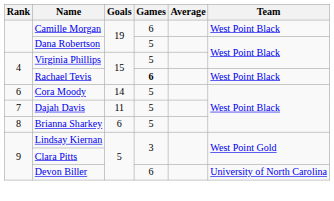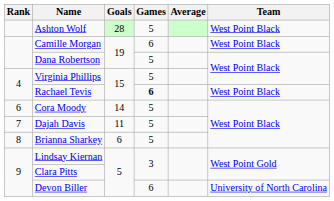 <table class="wikitable sortable"  style="text-align:center">
 <tr>
 <th>Rank</th>
 <th>Name</th>
 <th>Goals</th>
 <th>Games</th>
 <th>Average</th>
 <th>Team</th>
+</tr>
+<tr>
+<td></td>
+<td align="left"><a href='#'>Ashton Wolf</a></td>
+<td bgcolor="#ccffcc">28</td>
+<td>5</td>
+<td bgcolor=#ccffcc></td>
+<td align="left"><a href='#'>West Point Black</a></td>
 </tr>
 <tr>
 <td rowspan="2"></td>
 <td align="left"><a href='#'>Camille Morgan</a></td>
 <td rowspan="2">19</td>
 <td>6</td>
 <td></td>
 <td align="left"><a href='#'>West Point Black</a></td>
 </tr>
 <tr>
 <td align="left"><a href='#'>Dana Robertson</a></td>
 <td>5</td>
 <td></td>
 <td align="left" rowspan="2"><a href='#'>West Point Black</a></td>
 </tr>
 <tr>
 <td rowspan="2">4</td>
 <td align="left"><a href='#'>Virginia Phillips</a></td>
 <td rowspan="2">15</td>
 <td>5</td>
 <td></td>
 </tr>
 <tr>
 <td align="left"><a href='#'>Rachael Tevis</a></td>
 <td><strong>6</strong></td>
 <td></td>
 <td align="left"><a href='#'>West Point Black</a></td>
 </tr>
 <tr>
 <td>6</td>
 <td align="left"><a href='#'>Cora Moody</a></td>
 <td>14</td>
 <td>5</td>
 <td></td>
 <td align="left" rowspan="3"><a href='#'>West Point Black</a></td>
 </tr>
 <tr>
 <td>7</td>
 <td align="left"><a href='#'>Dajah Davis</a></td>
 <td>11</td>
 <td>5</td>
 <td></td>
 </tr>
 <tr>
 <td>8</td>
 <td align="left"><a href='#'>Brianna Sharkey</a></td>
 <td>6</td>
 <td>5</td>
 <td></td>
 </tr>
 <tr>
 <td rowspan="3">9</td>
 <td align="left"><a href='#'>Lindsay Kiernan</a></td>
 <td rowspan="3">5</td>
 <td rowspan="2">3</td>
 <td rowspan="2"></td>
 <td align="left" rowspan="2"><a href='#'>West Point Gold</a></td>
 </tr>
 <tr>
 <td align="left"><a href='#'>Clara Pitts</a></td>
 </tr>
 <tr>
 <td align="left"><a href='#'>Devon Biller</a></td>
 <td>6</td>
 <td></td>
 <td align="left"><a href='#'>University of North Carolina</a></td>
 </tr>
 </table>
